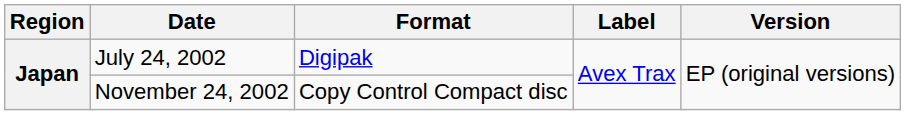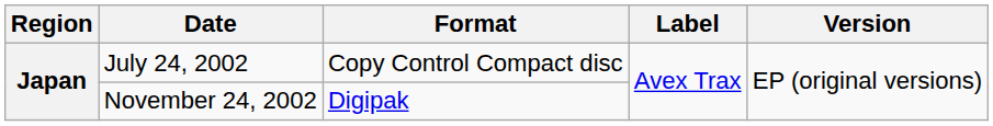 <table class="wikitable plainrowheaders">
 <tr>
 <th scope="col">Region</th>
 <th scope="col">Date</th>
 <th scope="col">Format</th>
 <th scope="col">Label</th>
 <th scope="col">Version</th>
 </tr>
 <tr>
 <th scope="row" rowspan="2">Japan</th>
 <td>July 24, 2002</td>
-<td><a href='#'>Digipak</a></td>
+<td>Copy Control Compact disc</td>
 <td rowspan="2"><a href='#'>Avex Trax</a></td>
 <td rowspan="2">EP (original versions)</td>
 </tr>
 <tr>
 <td>November 24, 2002</td>
-<td>Copy Control Compact disc</td>
+<td><a href='#'>Digipak</a></td>
 </tr>
 </table>
